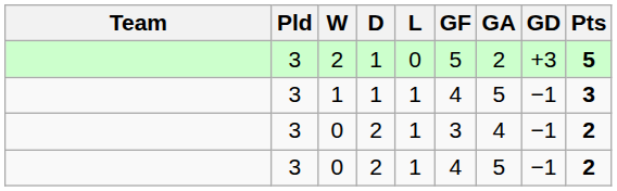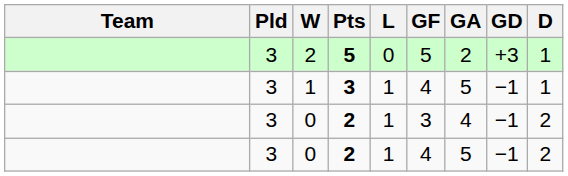 <table class="wikitable" style="text-align:center;">
 <tr>
 <th width=180>Team</th>
 <th width=20>Pld</th>
 <th width=20>W</th>
-<th width=20>D</th>
+<th width=20>Pts</th>
 <th width=20>L</th>
 <th width=20>GF</th>
 <th width=20>GA</th>
 <th width=20>GD</th>
-<th width=20>Pts</th>
+<th width=20>D</th>
 </tr>
 <tr bgcolor="ccffcc">
 <td align="left"></td>
 <td>3</td>
 <td>2</td>
-<td>1</td>
+<td><strong>5</strong></td>
 <td>0</td>
 <td>5</td>
 <td>2</td>
 <td>+3</td>
-<td><strong>5</strong></td>
+<td>1</td>
 </tr>
 <tr>
 <td align="left"></td>
 <td>3</td>
 <td>1</td>
-<td>1</td>
+<td><strong>3</strong></td>
 <td>1</td>
 <td>4</td>
 <td>5</td>
 <td>−1</td>
-<td><strong>3</strong></td>
+<td>1</td>
 </tr>
 <tr>
 <td align="left"></td>
 <td>3</td>
 <td>0</td>
-<td>2</td>
+<td><strong>2</strong></td>
 <td>1</td>
 <td>3</td>
 <td>4</td>
 <td>−1</td>
-<td><strong>2</strong></td>
+<td>2</td>
 </tr>
 <tr>
 <td align="left"></td>
 <td>3</td>
 <td>0</td>
-<td>2</td>
+<td><strong>2</strong></td>
 <td>1</td>
 <td>4</td>
 <td>5</td>
 <td>−1</td>
-<td><strong>2</strong></td>
+<td>2</td>
 </tr>
 </table>
